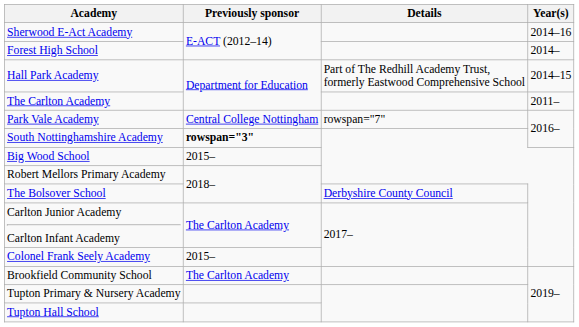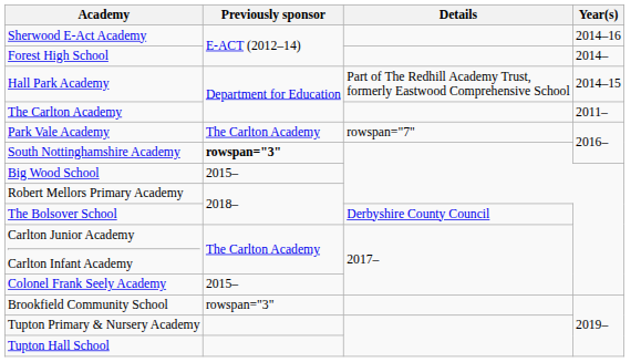 <table class="wikitable">
 <tr>
 <th align="left"><strong>Academy</strong></th>
 <th align="left"><strong>Previously sponsor</strong></th>
 <th align="left"><strong>Details</strong></th>
 <th align="left"><strong>Year(s)</strong></th>
 </tr>
 <tr>
 <td><a href='#'>Sherwood E-Act Academy</a></td>
 <td rowspan="2"><a href='#'>E-ACT</a> (2012–14)</td>
 <td></td>
 <td>2014–16</td>
 </tr>
 <tr>
 <td><a href='#'>Forest High School</a></td>
 <td></td>
 <td>2014–</td>
 </tr>
 <tr>
 <td><a href='#'>Hall Park Academy</a></td>
 <td rowspan="2"><a href='#'>Department for Education</a></td>
 <td>Part of The Redhill Academy Trust,<br>formerly Eastwood Comprehensive School</td>
 <td>2014–15</td>
 </tr>
 <tr>
 <td><a href='#'>The Carlton Academy</a></td>
 <td></td>
 <td>2011–</td>
 </tr>
 <tr>
 <td><a href='#'>Park Vale Academy</a></td>
-<td><a href='#'>Central College Nottingham</a></td>
+<td><a href='#'>The Carlton Academy</a></td>
 <td>rowspan="7" </td>
 <td rowspan="2">2016–</td>
 </tr>
 <tr>
 <td><a href='#'>South Nottinghamshire Academy</a></td>
 <td><strong>rowspan="3" </strong></td>
 </tr>
 <tr>
 <td><a href='#'>Big Wood School</a></td>
 <td>2015–</td>
 </tr>
 <tr>
 <td>Robert Mellors Primary Academy</td>
 <td rowspan="2">2018–</td>
 </tr>
 <tr>
 <td><a href='#'>The Bolsover School</a></td>
 <td><a href='#'>Derbyshire County Council</a></td>
 </tr>
 <tr>
 <td>Carlton Junior Academy<hr>Carlton Infant Academy</td>
 <td><a href='#'>The Carlton Academy</a></td>
 <td rowspan="2">2017–</td>
 </tr>
 <tr>
 <td><a href='#'>Colonel Frank Seely Academy</a></td>
 <td>2015–</td>
 </tr>
 <tr>
 <td>Brookfield Community School</td>
-<td><a href='#'>The Carlton Academy</a></td>
+<td>rowspan="3" </td>
 <td></td>
 <td rowspan="3">2019–</td>
 </tr>
 <tr>
 <td>Tupton Primary & Nursery Academy</td>
 <td></td>
 </tr>
 <tr>
 <td><a href='#'>Tupton Hall School</a></td>
 <td></td>
 </tr>
 </table>
